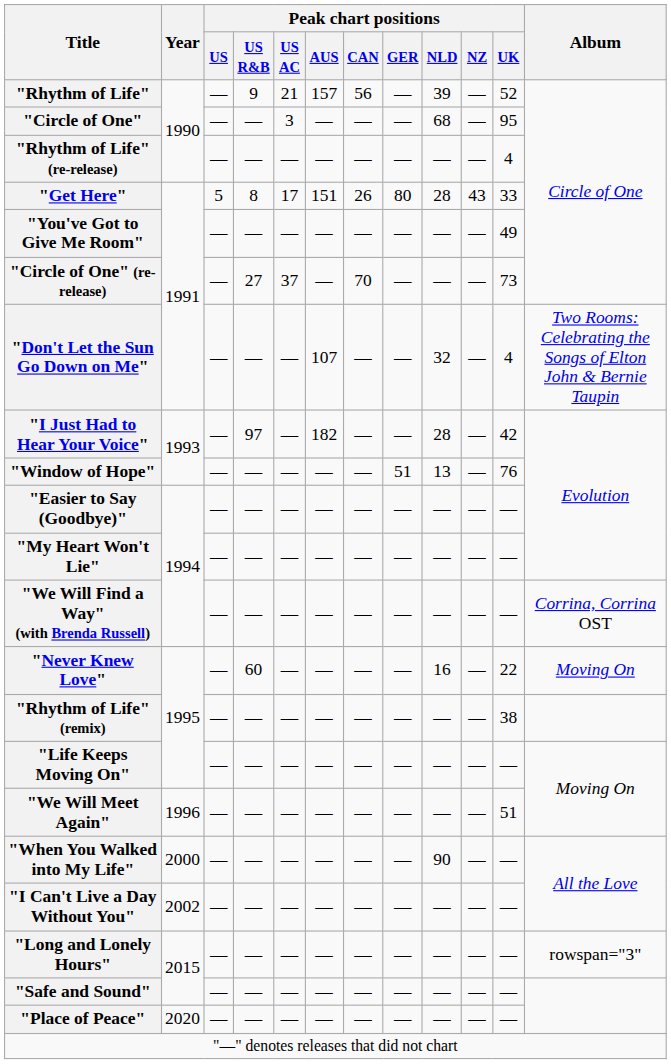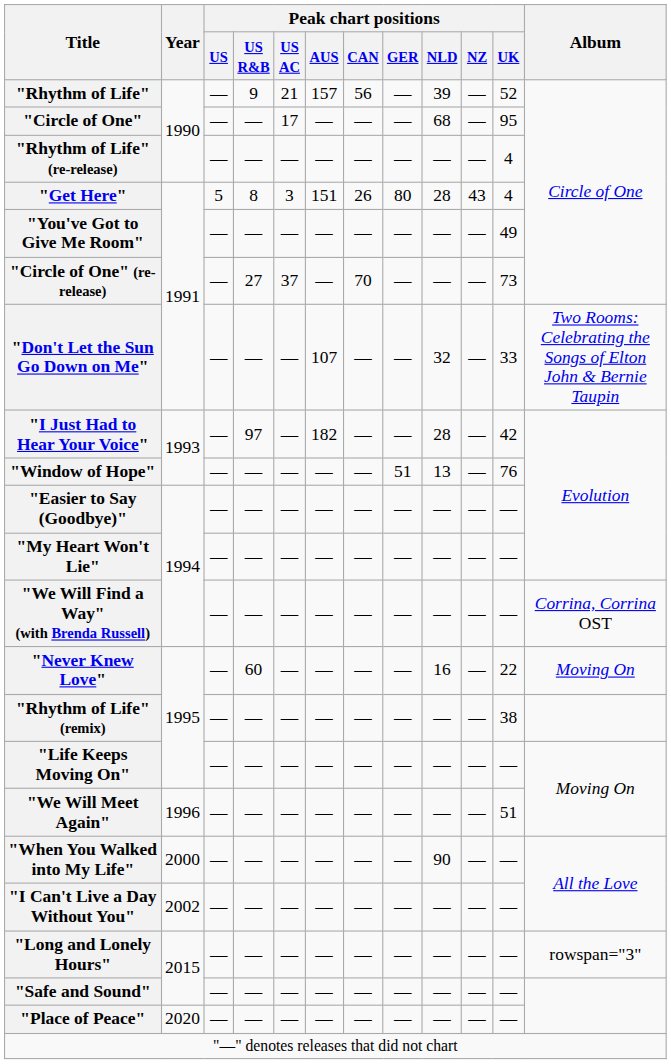 <table class="wikitable plainrowheaders" style="text-align:center;">
 <tr>
 <th scope="col" rowspan="2" style="width:22em;">Title</th>
 <th scope="col" rowspan="2" style="width:1em;">Year</th>
 <th scope="col" colspan="9">Peak chart positions</th>
 <th scope="col" rowspan="2" style="width:17em;">Album</th>
 </tr>
 <tr>
 <th style="width:30px;"><small><a href='#'>US</a></small><br></th>
 <th style="width:30px;"><small><a href='#'>US R&B</a></small><br></th>
 <th style="width:30px;"><small><a href='#'>US AC</a></small><br></th>
 <th style="width:30px;"><small><a href='#'>AUS</a></small><br></th>
 <th style="width:30px;"><small><a href='#'>CAN</a></small><br></th>
 <th style="width:30px;"><small><a href='#'>GER</a></small><br></th>
 <th style="width:30px;"><small><a href='#'>NLD</a></small><br></th>
 <th style="width:30px;"><small><a href='#'>NZ</a></small><br></th>
 <th style="width:30px;"><small><a href='#'>UK</a></small><br></th>
 </tr>
 <tr>
 <th scope="row">"Rhythm of Life"</th>
 <td rowspan="3">1990</td>
 <td>—</td>
 <td>9</td>
 <td>21</td>
 <td>157</td>
 <td>56</td>
 <td>—</td>
 <td>39</td>
 <td>—</td>
 <td>52</td>
 <td rowspan="6"><em><a href='#'>Circle of One</a></em></td>
 </tr>
 <tr>
 <th scope="row">"Circle of One"</th>
 <td>—</td>
 <td>—</td>
-<td>3</td>
+<td>17</td>
 <td>—</td>
 <td>—</td>
 <td>—</td>
 <td>68</td>
 <td>—</td>
 <td>95</td>
 </tr>
 <tr>
 <th scope="row">"Rhythm of Life" <small>(re-release)</small></th>
 <td>—</td>
 <td>—</td>
 <td>—</td>
 <td>—</td>
 <td>—</td>
 <td>—</td>
 <td>—</td>
 <td>—</td>
 <td>4</td>
 </tr>
 <tr>
 <th scope="row">"<a href='#'>Get Here</a>"</th>
 <td rowspan="4">1991</td>
 <td>5</td>
 <td>8</td>
-<td>17</td>
+<td>3</td>
 <td>151</td>
 <td>26</td>
 <td>80</td>
 <td>28</td>
 <td>43</td>
-<td>33</td>
+<td>4</td>
 </tr>
 <tr>
 <th scope="row">"You've Got to Give Me Room"</th>
 <td>—</td>
 <td>—</td>
 <td>—</td>
 <td>—</td>
 <td>—</td>
 <td>—</td>
 <td>—</td>
 <td>—</td>
 <td>49</td>
 </tr>
 <tr>
 <th scope="row">"Circle of One" <small>(re-release)</small></th>
 <td>—</td>
 <td>27</td>
 <td>37</td>
 <td>—</td>
 <td>70</td>
 <td>—</td>
 <td>—</td>
 <td>—</td>
 <td>73</td>
 </tr>
 <tr>
 <th scope="row">"<a href='#'>Don't Let the Sun Go Down on Me</a>"</th>
 <td>—</td>
 <td>—</td>
 <td>—</td>
 <td>107</td>
 <td>—</td>
 <td>—</td>
 <td>32</td>
 <td>—</td>
-<td>4</td>
+<td>33</td>
 <td><em><a href='#'>Two Rooms: Celebrating the Songs of Elton John & Bernie Taupin</a></em></td>
 </tr>
 <tr>
 <th scope="row">"<a href='#'>I Just Had to Hear Your Voice</a>"</th>
 <td rowspan="2">1993</td>
 <td>—</td>
 <td>97</td>
 <td>—</td>
 <td>182</td>
 <td>—</td>
 <td>—</td>
 <td>28</td>
 <td>—</td>
 <td>42</td>
 <td rowspan="4"><em><a href='#'>Evolution</a></em></td>
 </tr>
 <tr>
 <th scope="row">"Window of Hope"</th>
 <td>—</td>
 <td>—</td>
 <td>—</td>
 <td>—</td>
 <td>—</td>
 <td>51</td>
 <td>13</td>
 <td>—</td>
 <td>76</td>
 </tr>
 <tr>
 <th scope="row">"Easier to Say (Goodbye)"</th>
 <td rowspan="3">1994</td>
 <td>—</td>
 <td>—</td>
 <td>—</td>
 <td>—</td>
 <td>—</td>
 <td>—</td>
 <td>—</td>
 <td>—</td>
 <td>—</td>
 </tr>
 <tr>
 <th scope="row">"My Heart Won't Lie"</th>
 <td>—</td>
 <td>—</td>
 <td>—</td>
 <td>—</td>
 <td>—</td>
 <td>—</td>
 <td>—</td>
 <td>—</td>
 <td>—</td>
 </tr>
 <tr>
 <th scope="row">"We Will Find a Way"<br><small>(with <a href='#'>Brenda Russell</a>)</small></th>
 <td>—</td>
 <td>—</td>
 <td>—</td>
 <td>—</td>
 <td>—</td>
 <td>—</td>
 <td>—</td>
 <td>—</td>
 <td>—</td>
 <td><em><a href='#'>Corrina, Corrina</a></em> OST</td>
 </tr>
 <tr>
 <th scope="row">"<a href='#'>Never Knew Love</a>"</th>
 <td rowspan="3">1995</td>
 <td>—</td>
 <td>60</td>
 <td>—</td>
 <td>—</td>
 <td>—</td>
 <td>—</td>
 <td>16</td>
 <td>—</td>
 <td>22</td>
 <td><em><a href='#'>Moving On</a></em></td>
 </tr>
 <tr>
 <th scope="row">"Rhythm of Life" <small>(remix)</small></th>
 <td>—</td>
 <td>—</td>
 <td>—</td>
 <td>—</td>
 <td>—</td>
 <td>—</td>
 <td>—</td>
 <td>—</td>
 <td>38</td>
 <td></td>
 </tr>
 <tr>
 <th scope="row">"Life Keeps Moving On"</th>
 <td>—</td>
 <td>—</td>
 <td>—</td>
 <td>—</td>
 <td>—</td>
 <td>—</td>
 <td>—</td>
 <td>—</td>
 <td>—</td>
 <td rowspan="2"><em>Moving On</em></td>
 </tr>
 <tr>
 <th scope="row">"We Will Meet Again"</th>
 <td>1996</td>
 <td>—</td>
 <td>—</td>
 <td>—</td>
 <td>—</td>
 <td>—</td>
 <td>—</td>
 <td>—</td>
 <td>—</td>
 <td>51</td>
 </tr>
 <tr>
 <th scope="row">"When You Walked into My Life"</th>
 <td>2000</td>
 <td>—</td>
 <td>—</td>
 <td>—</td>
 <td>—</td>
 <td>—</td>
 <td>—</td>
 <td>90</td>
 <td>—</td>
 <td>—</td>
 <td rowspan="2"><em><a href='#'>All the Love</a></em></td>
 </tr>
 <tr>
 <th scope="row">"I Can't Live a Day Without You"</th>
 <td>2002</td>
 <td>—</td>
 <td>—</td>
 <td>—</td>
 <td>—</td>
 <td>—</td>
 <td>—</td>
 <td>—</td>
 <td>—</td>
 <td>—</td>
 </tr>
 <tr>
 <th scope="row">"Long and Lonely Hours"</th>
 <td rowspan="2">2015</td>
 <td>—</td>
 <td>—</td>
 <td>—</td>
 <td>—</td>
 <td>—</td>
 <td>—</td>
 <td>—</td>
 <td>—</td>
 <td>—</td>
 <td>rowspan="3" </td>
 </tr>
 <tr>
 <th scope="row">"Safe and Sound"</th>
 <td>—</td>
 <td>—</td>
 <td>—</td>
 <td>—</td>
 <td>—</td>
 <td>—</td>
 <td>—</td>
 <td>—</td>
 <td>—</td>
 </tr>
 <tr>
 <th scope="row">"Place of Peace"</th>
 <td>2020</td>
 <td>—</td>
 <td>—</td>
 <td>—</td>
 <td>—</td>
 <td>—</td>
 <td>—</td>
 <td>—</td>
 <td>—</td>
 <td>—</td>
 </tr>
 <tr>
 <td colspan="12" style="font-size:90%;">"—" denotes releases that did not chart</td>
 </tr>
 </table>
